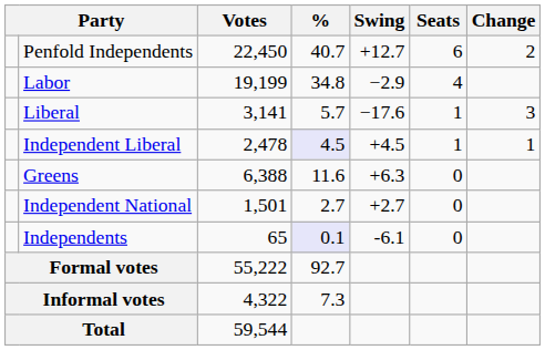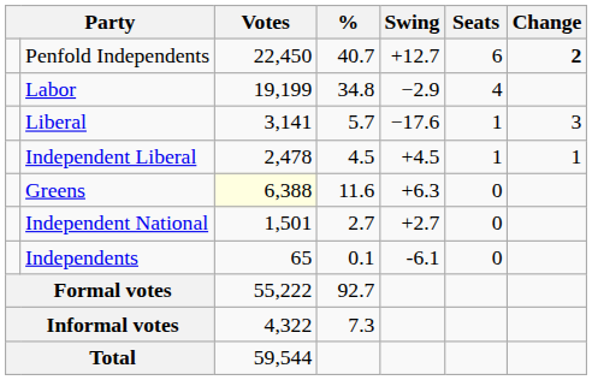 <table class="wikitable" style="text-align:right; margin-bottom:0">
 <tr>
 <th style="width:10px" colspan=3>Party</th>
 <th style="width:70px;">Votes</th>
 <th style="width:40px;">%</th>
 <th style="width:40px;">Swing</th>
 <th style="width:40px;">Seats</th>
 <th style="width:40px;">Change</th>
 </tr>
 <tr>
 <td> </td>
 <td style="text-align:left;" colspan="2">Penfold Independents</td>
 <td>22,450</td>
 <td>40.7</td>
 <td>+12.7</td>
 <td>6</td>
-<td> 2</td>
+<td><strong> 2</strong></td>
 </tr>
 <tr>
 <td> </td>
 <td style="text-align:left;" colspan="2"><a href='#'>Labor</a></td>
 <td>19,199</td>
 <td>34.8</td>
 <td>−2.9</td>
 <td>4</td>
 <td></td>
 </tr>
 <tr>
 <td> </td>
 <td style="text-align:left;" colspan="2"><a href='#'>Liberal</a></td>
 <td>3,141</td>
 <td>5.7</td>
 <td>−17.6</td>
 <td>1</td>
 <td> 3</td>
 </tr>
 <tr>
 <td> </td>
 <td style="text-align:left;" colspan="2"><a href='#'>Independent Liberal</a></td>
 <td>2,478</td>
-<td style="background: lavender;">4.5</td>
+<td>4.5</td>
 <td>+4.5</td>
 <td>1</td>
 <td> 1</td>
 </tr>
 <tr>
 <td> </td>
 <td style="text-align:left;" colspan="2"><a href='#'>Greens</a></td>
-<td>6,388</td>
+<td style="background: lightyellow;">6,388</td>
 <td>11.6</td>
 <td>+6.3</td>
 <td>0</td>
 <td></td>
 </tr>
 <tr>
 <td> </td>
 <td style="text-align:left;" colspan="2"><a href='#'>Independent National</a></td>
 <td>1,501</td>
 <td>2.7</td>
 <td>+2.7</td>
 <td>0</td>
 <td></td>
 </tr>
 <tr>
 <td> </td>
 <td style="text-align:left;" colspan="2"><a href='#'>Independents</a></td>
 <td>65</td>
-<td style="background: lavender;">0.1</td>
+<td>0.1</td>
 <td>-6.1</td>
 <td>0</td>
 <td></td>
 </tr>
 <tr>
 <th colspan="3" rowspan="1"> Formal votes</th>
 <td>55,222</td>
 <td>92.7</td>
 <td></td>
 <td></td>
 <td></td>
 </tr>
 <tr>
 <th colspan="3" rowspan="1"> Informal votes</th>
 <td>4,322</td>
 <td>7.3</td>
 <td></td>
 <td></td>
 <td></td>
 </tr>
 <tr>
 <th colspan="3" rowspan="1"> <strong>Total </strong></th>
 <td>59,544</td>
 <td></td>
 <td></td>
 <td></td>
 <td></td>
 </tr>
 </table>
